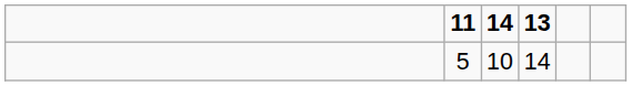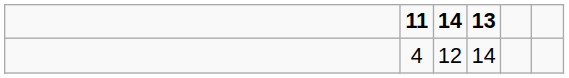 <table class="wikitable">
 <tr>
 <td style="width:18em"><strong></strong></td>
 <td align=center style="width:1em"><strong>11</strong></td>
 <td align=center style="width:1em"><strong>14</strong></td>
 <td align=center style="width:1em"><strong>13</strong></td>
 <td align=center style="width:1em"></td>
 <td align=center style="width:1em"></td>
 </tr>
 <tr>
 <td style="width:18em"></td>
-<td align=center style="width:1em">5</td>
-<td align=center style="width:1em">10</td>
+<td align=center style="width:1em">4</td>
+<td align=center style="width:1em">12</td>
 <td align=center style="width:1em">14</td>
 <td align=center style="width:1em"></td>
 <td align=center style="width:1em"></td>
 </tr>
 </table>
